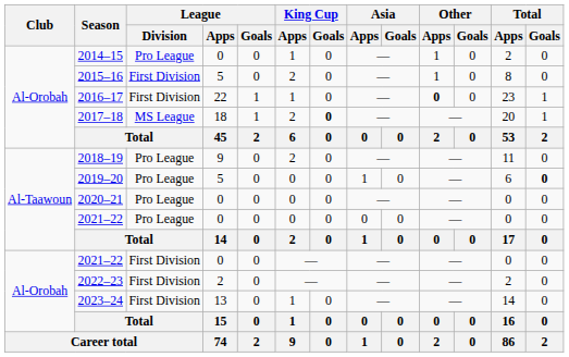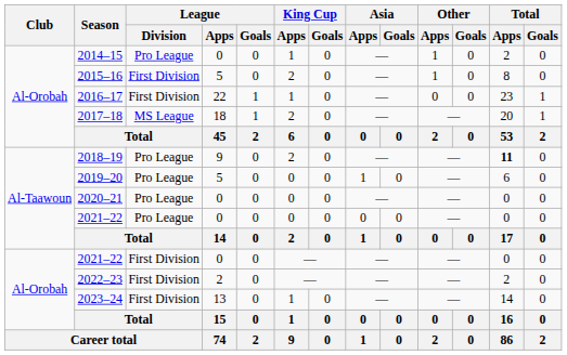 <table class=wikitable style=text-align:center>
 <tr>
 <th rowspan="2">Club</th>
 <th rowspan="2">Season</th>
 <th colspan="3">League</th>
 <th colspan="2"><a href='#'>King Cup</a></th>
 <th colspan="2">Asia</th>
 <th colspan="2">Other</th>
 <th colspan="2">Total</th>
 </tr>
 <tr>
 <th>Division</th>
 <th>Apps</th>
 <th>Goals</th>
 <th>Apps</th>
 <th>Goals</th>
 <th>Apps</th>
 <th>Goals</th>
 <th>Apps</th>
 <th>Goals</th>
 <th>Apps</th>
 <th>Goals</th>
 </tr>
 <tr>
 <td rowspan="5"><a href='#'>Al-Orobah</a></td>
 <td><a href='#'>2014–15</a></td>
 <td><a href='#'>Pro League</a></td>
 <td>0</td>
 <td>0</td>
 <td>1</td>
 <td>0</td>
 <td colspan="2">—</td>
 <td>1</td>
 <td>0</td>
 <td>2</td>
 <td>0</td>
 </tr>
 <tr>
 <td><a href='#'>2015–16</a></td>
 <td><a href='#'>First Division</a></td>
 <td>5</td>
 <td>0</td>
 <td>2</td>
 <td>0</td>
 <td colspan="2">—</td>
 <td>1</td>
 <td>0</td>
 <td>8</td>
 <td>0</td>
 </tr>
 <tr>
 <td><a href='#'>2016–17</a></td>
 <td>First Division</td>
 <td>22</td>
 <td>1</td>
 <td>1</td>
 <td>0</td>
 <td colspan="2">—</td>
-<td><strong>0</strong></td>
+<td>0</td>
 <td>0</td>
 <td>23</td>
 <td>1</td>
 </tr>
 <tr>
 <td><a href='#'>2017–18</a></td>
 <td><a href='#'>MS League</a></td>
 <td>18</td>
 <td>1</td>
 <td>2</td>
-<td><strong>0</strong></td>
+<td>0</td>
 <td colspan="2">—</td>
 <td colspan="2">—</td>
 <td>20</td>
 <td>1</td>
 </tr>
 <tr>
 <th colspan="2">Total</th>
 <th>45</th>
 <th>2</th>
 <th>6</th>
 <th>0</th>
 <th>0</th>
 <th>0</th>
 <th>2</th>
 <th>0</th>
 <th>53</th>
 <th>2</th>
 </tr>
 <tr>
 <td rowspan="5"><a href='#'>Al-Taawoun</a></td>
 <td><a href='#'>2018–19</a></td>
 <td>Pro League</td>
 <td>9</td>
 <td>0</td>
 <td>2</td>
 <td>0</td>
 <td colspan="2">—</td>
 <td colspan="2">—</td>
-<td>11</td>
+<td><strong>11</strong></td>
 <td>0</td>
 </tr>
 <tr>
 <td><a href='#'>2019–20</a></td>
 <td>Pro League</td>
 <td>5</td>
 <td>0</td>
 <td>0</td>
 <td>0</td>
 <td>1</td>
 <td>0</td>
 <td colspan="2">—</td>
 <td>6</td>
-<td><strong>0</strong></td>
+<td>0</td>
 </tr>
 <tr>
 <td><a href='#'>2020–21</a></td>
 <td>Pro League</td>
 <td>0</td>
 <td>0</td>
 <td>0</td>
 <td>0</td>
 <td colspan="2">—</td>
 <td colspan="2">—</td>
 <td>0</td>
 <td>0</td>
 </tr>
 <tr>
 <td><a href='#'>2021–22</a></td>
 <td>Pro League</td>
 <td>0</td>
 <td>0</td>
 <td>0</td>
 <td>0</td>
 <td>0</td>
 <td>0</td>
 <td colspan="2">—</td>
 <td>0</td>
 <td>0</td>
 </tr>
 <tr>
 <th colspan="2">Total</th>
 <th>14</th>
 <th>0</th>
 <th>2</th>
 <th>0</th>
 <th>1</th>
 <th>0</th>
 <th>0</th>
 <th>0</th>
 <th>17</th>
 <th>0</th>
 </tr>
 <tr>
 <td rowspan="4"><a href='#'>Al-Orobah</a></td>
 <td><a href='#'>2021–22</a></td>
 <td>First Division</td>
 <td>0</td>
 <td>0</td>
 <td colspan="2">—</td>
 <td colspan="2">—</td>
 <td colspan="2">—</td>
 <td>0</td>
 <td>0</td>
 </tr>
 <tr>
 <td><a href='#'>2022–23</a></td>
 <td>First Division</td>
 <td>2</td>
 <td>0</td>
 <td colspan="2">—</td>
 <td colspan="2">—</td>
 <td colspan="2">—</td>
 <td>2</td>
 <td>0</td>
 </tr>
 <tr>
 <td><a href='#'>2023–24</a></td>
 <td>First Division</td>
 <td>13</td>
 <td>0</td>
 <td>1</td>
 <td>0</td>
 <td colspan="2">—</td>
 <td colspan="2">—</td>
 <td>14</td>
 <td>0</td>
 </tr>
 <tr>
 <th colspan="2">Total</th>
 <th>15</th>
 <th>0</th>
 <th>1</th>
 <th>0</th>
 <th>0</th>
 <th>0</th>
 <th>0</th>
 <th>0</th>
 <th>16</th>
 <th>0</th>
 </tr>
 <tr>
 <th colspan="3">Career total</th>
 <th>74</th>
 <th>2</th>
 <th>9</th>
 <th>0</th>
 <th>1</th>
 <th>0</th>
 <th>2</th>
 <th>0</th>
 <th>86</th>
 <th>2</th>
 </tr>
 </table>
